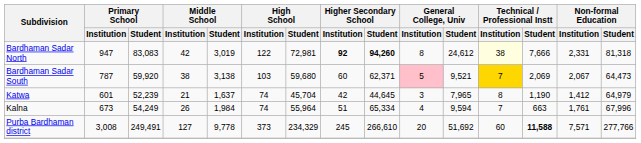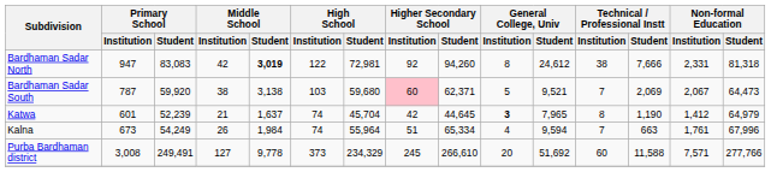 <table class="wikitable" style="text-align:center;font-size: 9pt">
 <tr>
 <th width="110" rowspan="2">Subdivision</th>
 <th colspan="2">Primary<br>School</th>
 <th colspan="2">Middle<br>School</th>
 <th colspan="2">High<br>School</th>
 <th colspan="2">Higher Secondary<br>School</th>
 <th colspan="2">General<br>College, Univ</th>
 <th colspan="2">Technical /<br>Professional Instt</th>
 <th colspan="2">Non-formal<br>Education</th>
 </tr>
 <tr>
 <th width="30">Institution</th>
 <th width="30">Student</th>
 <th width="30">Institution</th>
 <th width="30">Student</th>
 <th width="30">Institution</th>
 <th width="30">Student</th>
 <th width="30">Institution</th>
 <th width="30">Student</th>
 <th width="30">Institution</th>
 <th width="30">Student</th>
 <th width="30">Institution</th>
 <th width="30">Student</th>
 <th width="30">Institution</th>
 <th width="30">Student<br></th>
 </tr>
 <tr>
 <td align=left><a href='#'>Bardhaman Sadar North</a></td>
 <td align="center">947</td>
 <td align="center">83,083</td>
 <td align="center">42</td>
-<td align="center">3,019</td>
+<td align="center"><strong>3,019</strong></td>
 <td align="center">122</td>
 <td align="center">72,981</td>
-<td align="center"><strong>92</strong></td>
-<td align="center"><strong>94,260</strong></td>
+<td align="center">92</td>
+<td align="center">94,260</td>
 <td align="center">8</td>
 <td align="center">24,612</td>
-<td align="center" style="background: lightyellow;">38</td>
+<td align="center">38</td>
 <td align="center">7,666</td>
 <td align="center">2,331</td>
 <td align="center">81,318</td>
 </tr>
 <tr>
 <td align=left><a href='#'>Bardhaman Sadar South</a></td>
 <td align="center">787</td>
 <td align="center">59,920</td>
 <td align="center">38</td>
 <td align="center">3,138</td>
 <td align="center">103</td>
 <td align="center">59,680</td>
-<td align="center">60</td>
+<td align="center" style="background: pink;">60</td>
 <td align="center">62,371</td>
-<td align="center" style="background: pink;">5</td>
+<td align="center">5</td>
 <td align="center">9,521</td>
-<td align="center" style="background: gold;">7</td>
+<td align="center">7</td>
 <td align="center">2,069</td>
 <td align="center">2,067</td>
 <td align="center">64,473</td>
 </tr>
 <tr>
 <td align=left><a href='#'>Katwa</a></td>
 <td align="center">601</td>
 <td align="center">52,239</td>
 <td align="center">21</td>
 <td align="center">1,637</td>
 <td align="center">74</td>
 <td align="center">45,704</td>
 <td align="center">42</td>
 <td align="center">44,645</td>
-<td align="center">3</td>
+<td align="center"><strong>3</strong></td>
 <td align="center">7,965</td>
 <td align="center">8</td>
 <td align="center">1,190</td>
 <td align="center">1,412</td>
 <td align="center">64,979</td>
 </tr>
 <tr>
 <td align=left>Kalna</td>
 <td align="center">673</td>
 <td align="center">54,249</td>
 <td align="center">26</td>
 <td align="center">1,984</td>
 <td align="center">74</td>
 <td align="center">55,964</td>
 <td align="center">51</td>
 <td align="center">65,334</td>
 <td align="center">4</td>
 <td align="center">9,594</td>
 <td align="center">7</td>
 <td align="center">663</td>
 <td align="center">1,761</td>
 <td align="center">67,996</td>
 </tr>
 <tr>
 <td align=left><a href='#'>Purba Bardhaman district</a></td>
 <td align="center">3,008</td>
 <td align="center">249,491</td>
 <td align="center">127</td>
 <td align="center">9,778</td>
 <td align="center">373</td>
 <td align="center">234,329</td>
 <td align="center">245</td>
 <td align="center">266,610</td>
 <td align="center">20</td>
 <td align="center">51,692</td>
 <td align="center">60</td>
-<td align="center"><strong>11,588</strong></td>
+<td align="center">11,588</td>
 <td align="center">7,571</td>
 <td align="center">277,766</td>
 </tr>
 <tr>
 </tr>
 </table>
